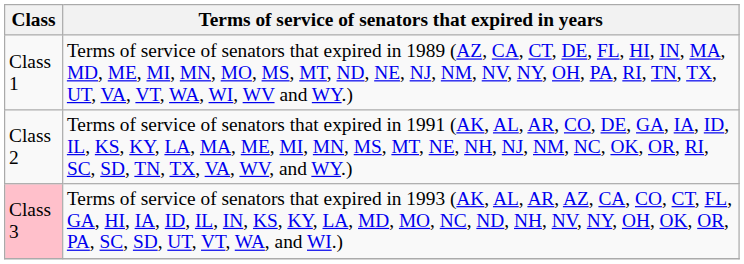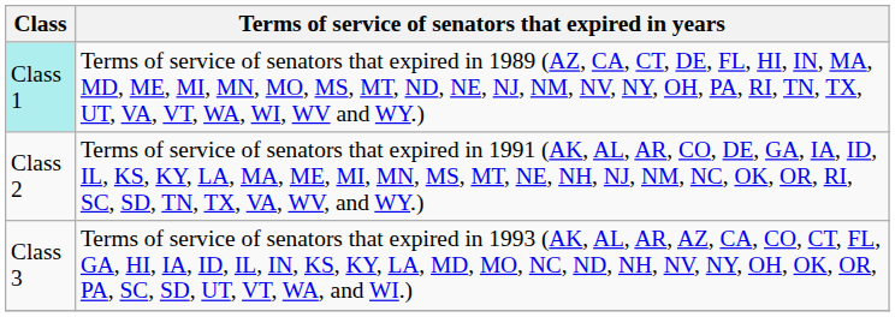 <table class="wikitable sortable">
 <tr valign=bottom>
 <th>Class</th>
 <th>Terms of service of senators that expired in years</th>
 </tr>
 <tr>
-<td>Class 1</td>
+<td style="background: paleturquoise;">Class 1</td>
 <td>Terms of service of senators that expired in 1989 (<a href='#'>AZ</a>, <a href='#'>CA</a>, <a href='#'>CT</a>, <a href='#'>DE</a>, <a href='#'>FL</a>, <a href='#'>HI</a>, <a href='#'>IN</a>, <a href='#'>MA</a>, <a href='#'>MD</a>, <a href='#'>ME</a>, <a href='#'>MI</a>, <a href='#'>MN</a>, <a href='#'>MO</a>, <a href='#'>MS</a>, <a href='#'>MT</a>, <a href='#'>ND</a>, <a href='#'>NE</a>, <a href='#'>NJ</a>, <a href='#'>NM</a>, <a href='#'>NV</a>, <a href='#'>NY</a>, <a href='#'>OH</a>, <a href='#'>PA</a>, <a href='#'>RI</a>, <a href='#'>TN</a>, <a href='#'>TX</a>, <a href='#'>UT</a>, <a href='#'>VA</a>, <a href='#'>VT</a>, <a href='#'>WA</a>, <a href='#'>WI</a>, <a href='#'>WV</a> and <a href='#'>WY</a>.)</td>
 </tr>
 <tr>
 <td>Class 2</td>
 <td>Terms of service of senators that expired in 1991 (<a href='#'>AK</a>, <a href='#'>AL</a>, <a href='#'>AR</a>, <a href='#'>CO</a>, <a href='#'>DE</a>, <a href='#'>GA</a>, <a href='#'>IA</a>, <a href='#'>ID</a>, <a href='#'>IL</a>, <a href='#'>KS</a>, <a href='#'>KY</a>, <a href='#'>LA</a>, <a href='#'>MA</a>, <a href='#'>ME</a>, <a href='#'>MI</a>, <a href='#'>MN</a>, <a href='#'>MS</a>, <a href='#'>MT</a>, <a href='#'>NE</a>, <a href='#'>NH</a>, <a href='#'>NJ</a>, <a href='#'>NM</a>, <a href='#'>NC</a>, <a href='#'>OK</a>, <a href='#'>OR</a>, <a href='#'>RI</a>, <a href='#'>SC</a>, <a href='#'>SD</a>, <a href='#'>TN</a>, <a href='#'>TX</a>, <a href='#'>VA</a>, <a href='#'>WV</a>, and <a href='#'>WY</a>.)</td>
 </tr>
 <tr>
-<td style="background: pink;">Class 3</td>
+<td>Class 3</td>
 <td>Terms of service of senators that expired in 1993 (<a href='#'>AK</a>, <a href='#'>AL</a>, <a href='#'>AR</a>, <a href='#'>AZ</a>, <a href='#'>CA</a>, <a href='#'>CO</a>, <a href='#'>CT</a>, <a href='#'>FL</a>, <a href='#'>GA</a>, <a href='#'>HI</a>, <a href='#'>IA</a>, <a href='#'>ID</a>, <a href='#'>IL</a>, <a href='#'>IN</a>,  <a href='#'>KS</a>, <a href='#'>KY</a>, <a href='#'>LA</a>, <a href='#'>MD</a>, <a href='#'>MO</a>, <a href='#'>NC</a>, <a href='#'>ND</a>, <a href='#'>NH</a>, <a href='#'>NV</a>, <a href='#'>NY</a>, <a href='#'>OH</a>, <a href='#'>OK</a>, <a href='#'>OR</a>, <a href='#'>PA</a>, <a href='#'>SC</a>, <a href='#'>SD</a>, <a href='#'>UT</a>, <a href='#'>VT</a>, <a href='#'>WA</a>, and <a href='#'>WI</a>.)</td>
 </tr>
 <tr>
 </tr>
 </table>
